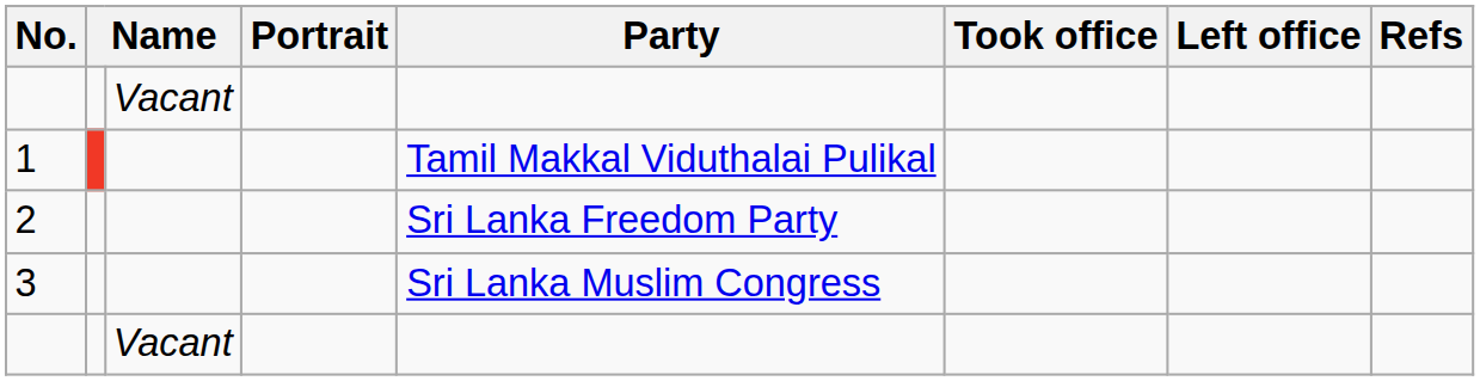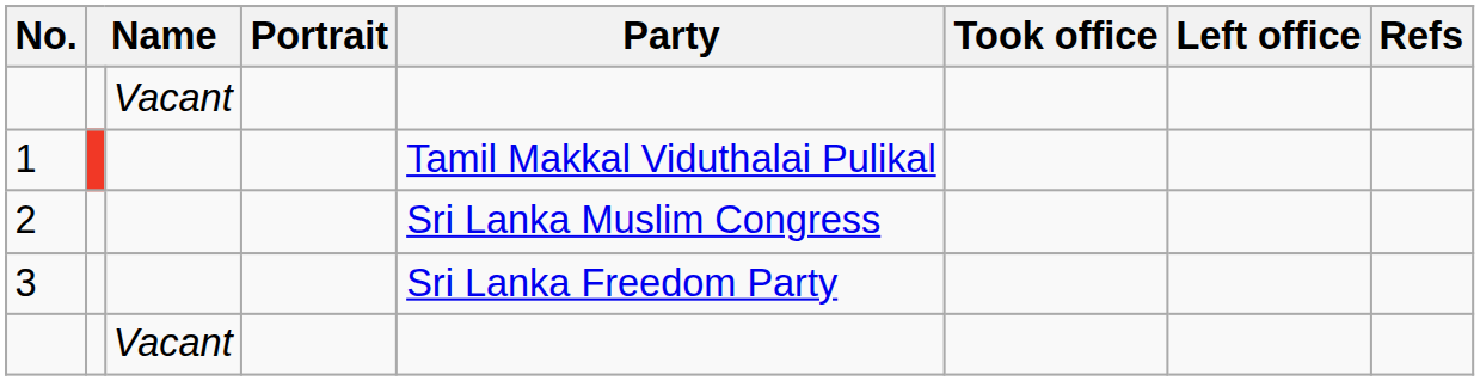 <table class="wikitable plainrowheaders sortable" style="font-size:100%; text-align:left;">
 <tr>
 <th>No.</th>
 <th colspan="2">Name</th>
 <th class=unsortable>Portrait</th>
 <th>Party</th>
 <th>Took office</th>
 <th>Left office</th>
 <th class=unsortable>Refs</th>
 </tr>
 <tr>
 <td></td>
 <td></td>
 <td align=center><em>Vacant</em> </td>
 <td></td>
 <td></td>
 <td align=center></td>
 <td align=center></td>
 <td></td>
 </tr>
 <tr>
 <td>1</td>
 <td !align="center" style="background-color:#F13826"></td>
 <td></td>
 <td></td>
 <td><a href='#'>Tamil Makkal Viduthalai Pulikal</a></td>
 <td align=center></td>
 <td align=center></td>
 <td align=center></td>
 </tr>
 <tr>
 <td>2</td>
 <td !align="center" style="background:"></td>
 <td></td>
 <td></td>
-<td><a href='#'>Sri Lanka Freedom Party</a></td>
+<td><a href='#'>Sri Lanka Muslim Congress</a></td>
 <td align=center></td>
 <td align=center></td>
 <td align=center></td>
 </tr>
 <tr>
 <td>3</td>
 <td !align="center" style="background:"></td>
 <td></td>
 <td></td>
-<td><a href='#'>Sri Lanka Muslim Congress</a></td>
+<td><a href='#'>Sri Lanka Freedom Party</a></td>
 <td align=center></td>
 <td align=center></td>
 <td align=center></td>
 </tr>
 <tr>
 <td></td>
 <td></td>
 <td align=center><em>Vacant</em> </td>
 <td></td>
 <td></td>
 <td align=center></td>
 <td align=center></td>
 <td></td>
 </tr>
 </table>
